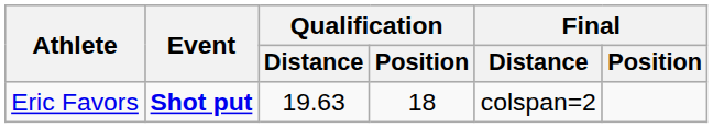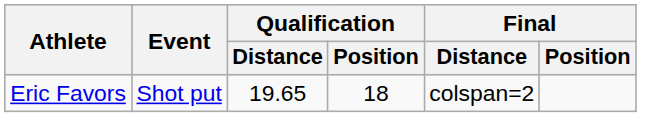 <table class="wikitable" style="font-size:90%">
 <tr>
 <th rowspan="2">Athlete</th>
 <th rowspan="2">Event</th>
 <th colspan="2">Qualification</th>
 <th colspan="2">Final</th>
 </tr>
 <tr style="font-size:95%">
 <th>Distance</th>
 <th>Position</th>
 <th>Distance</th>
 <th>Position</th>
 </tr>
 <tr align="center">
 <td align=left><a href='#'>Eric Favors</a></td>
-<td align=left><strong><a href='#'>Shot put</a></strong></td>
-<td>19.63</td>
+<td align=left><a href='#'>Shot put</a></td>
+<td>19.65</td>
 <td>18</td>
 <td>colspan=2 </td>
 </tr>
 </table>
